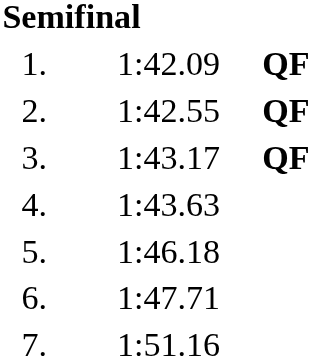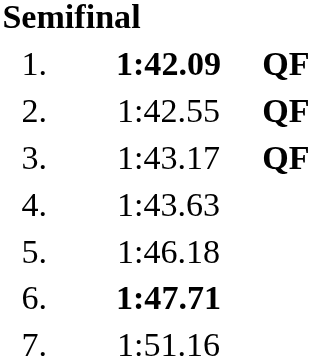 <table style="text-align:center">
 <tr>
 <td colspan=4 align=left><strong>Semifinal</strong></td>
 </tr>
 <tr>
 <td width=30>1.</td>
 <td align=left></td>
-<td width=80>1:42.09</td>
+<td width=80><strong>1:42.09</strong></td>
 <td><strong>QF</strong></td>
 </tr>
 <tr>
 <td>2.</td>
 <td align=left></td>
 <td>1:42.55</td>
 <td><strong>QF</strong></td>
 </tr>
 <tr>
 <td>3.</td>
 <td align=left></td>
 <td>1:43.17</td>
 <td><strong>QF</strong></td>
 </tr>
 <tr>
 <td>4.</td>
 <td align=left></td>
 <td>1:43.63</td>
 <td></td>
 </tr>
 <tr>
 <td>5.</td>
 <td align=left></td>
 <td>1:46.18</td>
 <td></td>
 </tr>
 <tr>
 <td>6.</td>
 <td align=left></td>
-<td>1:47.71</td>
+<td><strong>1:47.71</strong></td>
 <td></td>
 </tr>
 <tr>
 <td>7.</td>
 <td align=left></td>
 <td>1:51.16</td>
 <td></td>
 </tr>
 </table>
